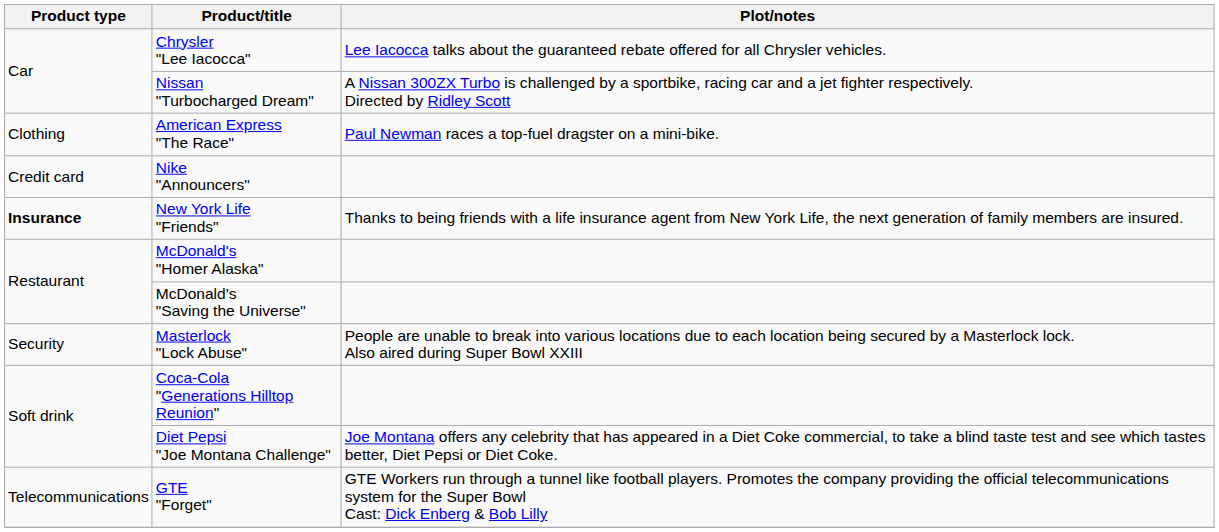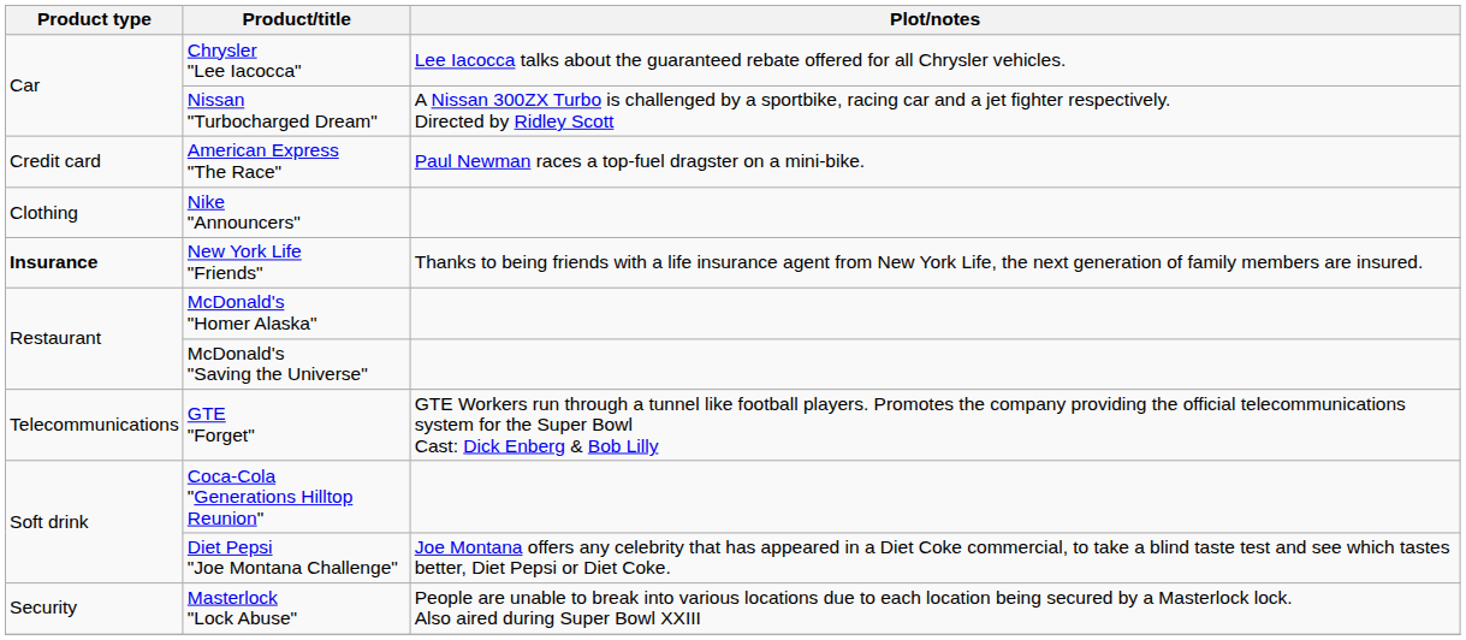 <table class="wikitable">
 <tr>
 <th>Product type</th>
 <th>Product/title</th>
 <th>Plot/notes</th>
 </tr>
 <tr>
 <td rowspan="2">Car</td>
 <td><a href='#'>Chrysler</a><br>"Lee Iacocca"</td>
 <td><a href='#'>Lee Iacocca</a> talks about the guaranteed rebate offered for all Chrysler vehicles.</td>
 </tr>
 <tr>
 <td><a href='#'>Nissan</a><br>"Turbocharged Dream"</td>
 <td>A <a href='#'>Nissan 300ZX Turbo</a> is challenged by a sportbike, racing car and a jet fighter respectively.<br>Directed by <a href='#'>Ridley Scott</a></td>
 </tr>
 <tr>
-<td>Clothing</td>
+<td>Credit card</td>
 <td><a href='#'>American Express</a><br>"The Race"</td>
 <td><a href='#'>Paul Newman</a> races a top-fuel dragster on a mini-bike.</td>
 </tr>
 <tr>
-<td>Credit card</td>
+<td>Clothing</td>
 <td><a href='#'>Nike</a><br>"Announcers"</td>
 <td></td>
 </tr>
 <tr>
 <td><strong>Insurance</strong></td>
 <td><a href='#'>New York Life</a><br>"Friends"</td>
 <td>Thanks to being friends with a life insurance agent from New York Life, the next generation of family members are insured.</td>
 </tr>
 <tr>
 <td rowspan="2">Restaurant</td>
 <td><a href='#'>McDonald's</a><br> "Homer Alaska"</td>
 </tr>
 <tr>
 <td>McDonald's<br> "Saving the Universe"</td>
 <td></td>
 </tr>
 <tr>
-<td>Security</td>
-<td><a href='#'>Masterlock</a><br>"Lock Abuse"</td>
-<td>People are unable to break into various locations due to each location being secured by a Masterlock lock.<br>Also aired during Super Bowl XXIII</td>
+<td>Telecommunications</td>
+<td><a href='#'>GTE</a><br>"Forget"</td>
+<td>GTE Workers run through a tunnel like football players. Promotes the company providing the official telecommunications system for the Super Bowl<br>Cast: <a href='#'>Dick Enberg</a> & <a href='#'>Bob Lilly</a></td>
 </tr>
 <tr>
 <td rowspan="2">Soft drink</td>
 <td><a href='#'>Coca-Cola</a><br>"<a href='#'>Generations Hilltop Reunion</a>"</td>
 </tr>
 <tr>
 <td><a href='#'>Diet Pepsi</a><br>"Joe Montana Challenge"</td>
 <td><a href='#'>Joe Montana</a> offers any celebrity that has appeared in a Diet Coke commercial, to take a blind taste test and see which tastes better, Diet Pepsi or Diet Coke.</td>
 </tr>
 <tr>
-<td>Telecommunications</td>
-<td><a href='#'>GTE</a><br>"Forget"</td>
-<td>GTE Workers run through a tunnel like football players. Promotes the company providing the official telecommunications system for the Super Bowl<br>Cast: <a href='#'>Dick Enberg</a> & <a href='#'>Bob Lilly</a></td>
+<td>Security</td>
+<td><a href='#'>Masterlock</a><br>"Lock Abuse"</td>
+<td>People are unable to break into various locations due to each location being secured by a Masterlock lock.<br>Also aired during Super Bowl XXIII</td>
 </tr>
 <tr>
 </tr>
 </table>
